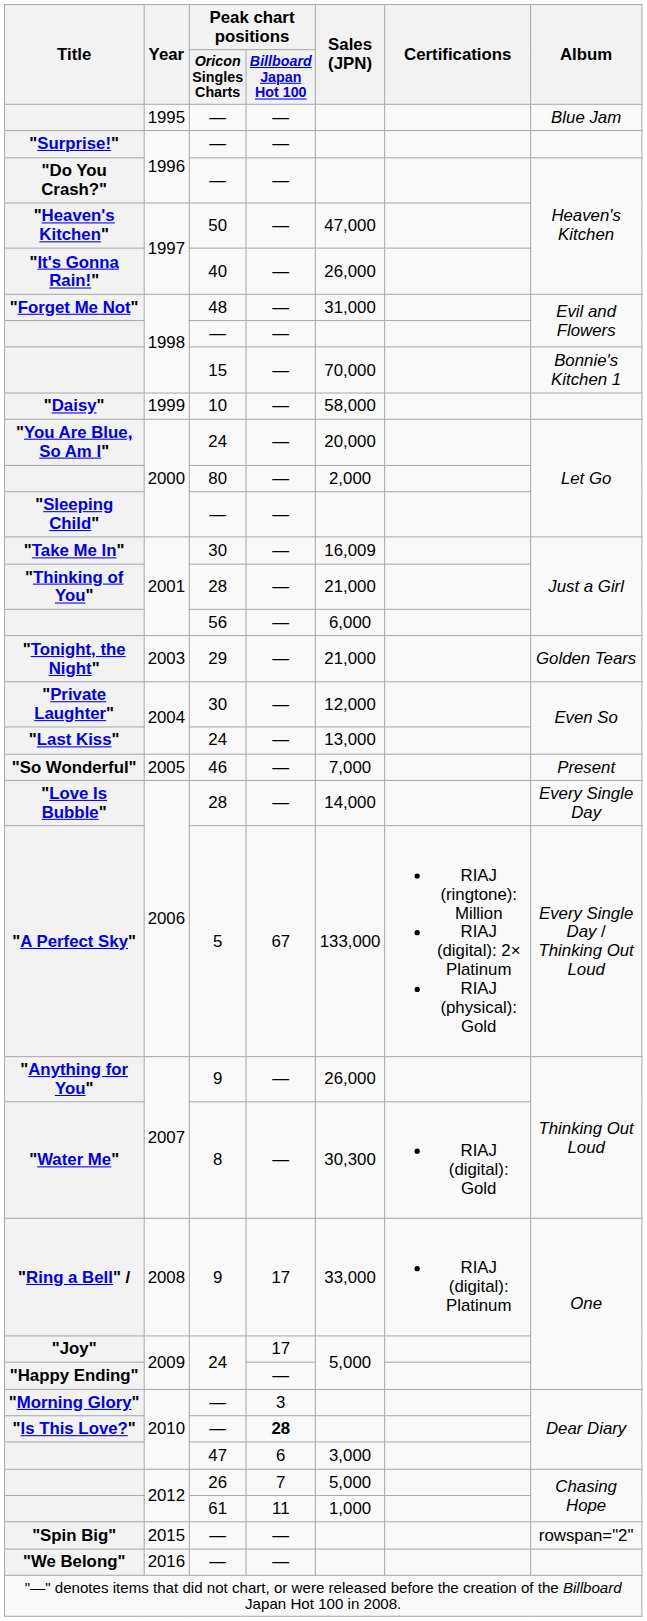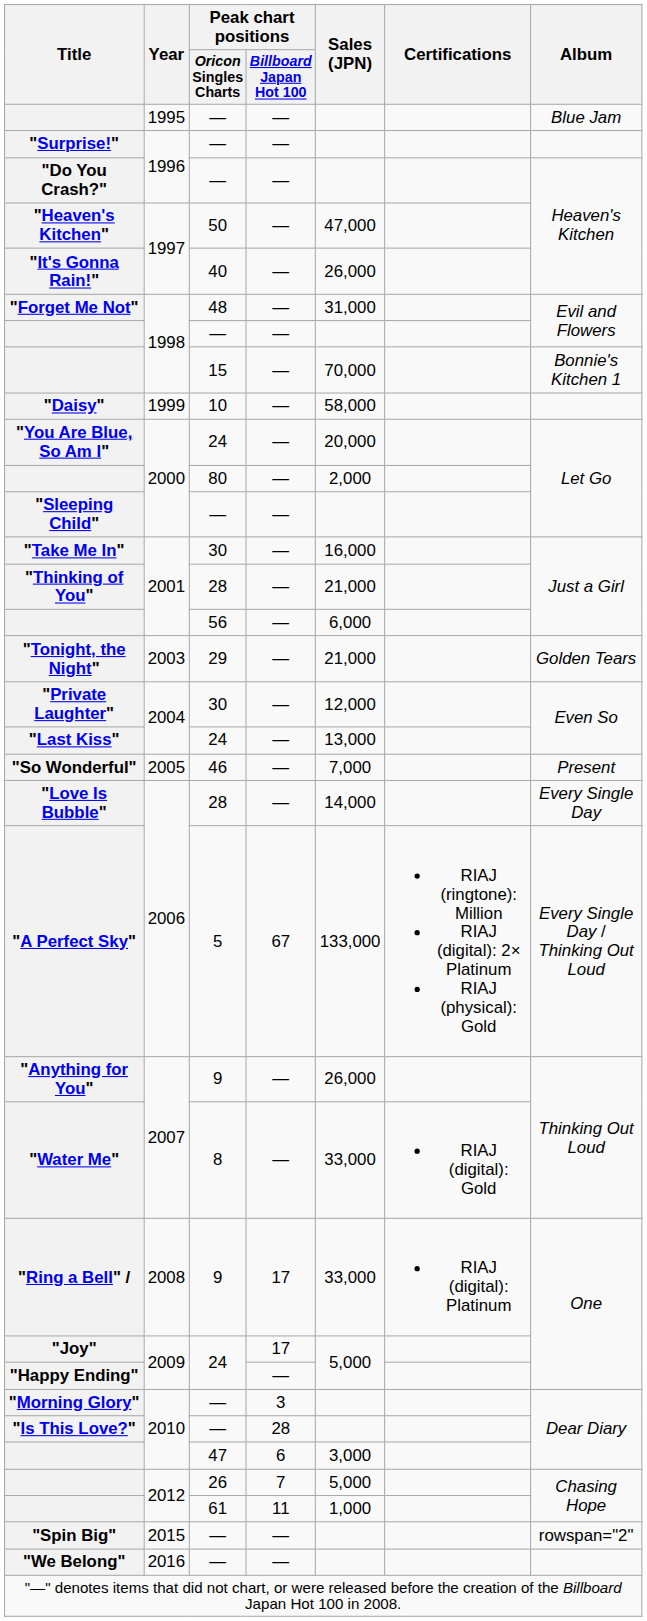 <table class="wikitable plainrowheaders" style="text-align:center;">
 <tr>
 <th scope="col" rowspan="2" style="width:16em;">Title</th>
 <th scope="col" rowspan="2" style="width:2em;">Year</th>
 <th scope="col" colspan="2">Peak chart positions</th>
 <th scope="col" rowspan="2" style="width:4em;">Sales (JPN)</th>
 <th scope="col" rowspan="2" style="width:12em;">Certifications</th>
 <th scope="col" rowspan="2" style="width:8em;">Album</th>
 </tr>
 <tr>
 <th style="width:3em;font-size:85%"><em>Oricon</em> Singles Charts<br></th>
 <th style="width:3em;font-size:85%"><em><a href='#'>Billboard</a></em> <a href='#'>Japan Hot 100</a><br></th>
 </tr>
 <tr>
 <th scope="row"></th>
 <td>1995</td>
 <td>—</td>
 <td>—</td>
 <td></td>
 <td></td>
 <td><em>Blue Jam</em></td>
 </tr>
 <tr>
 <th scope="row">"<a href='#'>Surprise!</a>"</th>
 <td rowspan="2">1996</td>
 <td>—</td>
 <td>—</td>
 <td></td>
 <td></td>
 <td></td>
 </tr>
 <tr>
 <th scope="row">"Do You Crash?"</th>
 <td>—</td>
 <td>—</td>
 <td></td>
 <td></td>
 <td rowspan="3"><em>Heaven's Kitchen</em></td>
 </tr>
 <tr>
 <th scope="row">"<a href='#'>Heaven's Kitchen</a>"</th>
 <td rowspan="2">1997</td>
 <td>50</td>
 <td>—</td>
 <td>47,000</td>
 <td></td>
 </tr>
 <tr>
 <th scope="row">"<a href='#'>It's Gonna Rain!</a>"</th>
 <td>40</td>
 <td>—</td>
 <td>26,000</td>
 <td></td>
 </tr>
 <tr>
 <th scope="row">"<a href='#'>Forget Me Not</a>"</th>
 <td rowspan="3">1998</td>
 <td>48</td>
 <td>—</td>
 <td>31,000</td>
 <td></td>
 <td rowspan="2"><em>Evil and Flowers</em></td>
 </tr>
 <tr>
 <th scope="row"></th>
 <td>—</td>
 <td>—</td>
 <td></td>
 <td></td>
 </tr>
 <tr>
 <th scope="row"></th>
 <td>15</td>
 <td>—</td>
 <td>70,000</td>
 <td></td>
 <td><em>Bonnie's Kitchen 1</em></td>
 </tr>
 <tr>
 <th scope="row">"<a href='#'>Daisy</a>"</th>
 <td>1999</td>
 <td>10</td>
 <td>—</td>
 <td>58,000</td>
 <td></td>
 <td></td>
 </tr>
 <tr>
 <th scope="row">"<a href='#'>You Are Blue, So Am I</a>"</th>
 <td rowspan="3">2000</td>
 <td>24</td>
 <td>—</td>
 <td>20,000</td>
 <td></td>
 <td rowspan="3"><em>Let Go</em></td>
 </tr>
 <tr>
 <th scope="row"></th>
 <td>80</td>
 <td>—</td>
 <td>2,000</td>
 <td></td>
 </tr>
 <tr>
 <th scope="row">"<a href='#'>Sleeping Child</a>"</th>
 <td>—</td>
 <td>—</td>
 <td></td>
 <td></td>
 </tr>
 <tr>
 <th scope="row">"<a href='#'>Take Me In</a>"</th>
 <td rowspan="3">2001</td>
 <td>30</td>
 <td>—</td>
-<td>16,009</td>
+<td>16,000</td>
 <td></td>
 <td rowspan="3"><em>Just a Girl</em></td>
 </tr>
 <tr>
 <th scope="row">"<a href='#'>Thinking of You</a>"</th>
 <td>28</td>
 <td>—</td>
 <td>21,000</td>
 <td></td>
 </tr>
 <tr>
 <th scope="row"></th>
 <td>56</td>
 <td>—</td>
 <td>6,000</td>
 <td></td>
 </tr>
 <tr>
 <th scope="row">"<a href='#'>Tonight, the Night</a>"</th>
 <td>2003</td>
 <td>29</td>
 <td>—</td>
 <td>21,000</td>
 <td></td>
 <td><em>Golden Tears</em></td>
 </tr>
 <tr>
 <th scope="row">"<a href='#'>Private Laughter</a>"</th>
 <td rowspan="2">2004</td>
 <td>30</td>
 <td>—</td>
 <td>12,000</td>
 <td></td>
 <td rowspan="2"><em>Even So</em></td>
 </tr>
 <tr>
 <th scope="row">"<a href='#'>Last Kiss</a>"</th>
 <td>24</td>
 <td>—</td>
 <td>13,000</td>
 <td></td>
 </tr>
 <tr>
 <th scope="row">"So Wonderful"</th>
 <td>2005</td>
 <td>46</td>
 <td>—</td>
 <td>7,000</td>
 <td></td>
 <td><em>Present</em></td>
 </tr>
 <tr>
 <th scope="row">"<a href='#'>Love Is Bubble</a>"</th>
 <td rowspan="2">2006</td>
 <td>28</td>
 <td>—</td>
 <td>14,000</td>
 <td></td>
 <td><em>Every Single Day</em></td>
 </tr>
 <tr>
 <th scope="row">"<a href='#'>A Perfect Sky</a>"</th>
 <td>5</td>
 <td>67</td>
 <td>133,000</td>
 <td><br><ul><li>RIAJ <span>(ringtone)</span>: Million</li><li>RIAJ <span>(digital)</span>: 2× Platinum</li><li>RIAJ <span>(physical)</span>: Gold</li></ul></td>
 <td><em>Every Single Day</em> / <em>Thinking Out Loud</em></td>
 </tr>
 <tr>
 <th scope="row">"<a href='#'>Anything for You</a>"</th>
 <td rowspan="2">2007</td>
 <td>9</td>
 <td>—</td>
 <td>26,000</td>
 <td></td>
 <td rowspan="2"><em>Thinking Out Loud</em></td>
 </tr>
 <tr>
 <th scope="row">"<a href='#'>Water Me</a>"</th>
 <td>8</td>
 <td>—</td>
-<td>30,300</td>
+<td>33,000</td>
 <td><br><ul><li>RIAJ <span>(digital)</span>: Gold</li></ul></td>
 </tr>
 <tr>
 <th scope="row">"<a href='#'>Ring a Bell</a>" / </th>
 <td>2008</td>
 <td>9</td>
 <td>17</td>
 <td>33,000</td>
 <td><br><ul><li>RIAJ <span>(digital)</span>: Platinum</li></ul></td>
 <td rowspan="3"><em>One</em></td>
 </tr>
 <tr>
 <th scope="row">"Joy"</th>
 <td rowspan=2>2009</td>
 <td rowspan=2>24</td>
 <td>17</td>
 <td rowspan=2>5,000</td>
 <td></td>
 </tr>
 <tr>
 <th scope="row">"Happy Ending"</th>
 <td>—</td>
 <td></td>
 </tr>
 <tr>
 <th scope="row">"<a href='#'>Morning Glory</a>"</th>
 <td rowspan="3">2010</td>
 <td>—</td>
 <td>3</td>
 <td></td>
 <td></td>
 <td rowspan="3"><em>Dear Diary</em></td>
 </tr>
 <tr>
 <th scope="row">"<a href='#'>Is This Love?</a>"</th>
 <td>—</td>
-<td><strong>28</strong></td>
+<td>28</td>
 <td></td>
 <td></td>
 </tr>
 <tr>
 <th scope="row"></th>
 <td>47</td>
 <td>6</td>
 <td>3,000</td>
 <td></td>
 </tr>
 <tr>
 <th scope="row"></th>
 <td rowspan="2">2012</td>
 <td>26</td>
 <td>7</td>
 <td>5,000</td>
 <td></td>
 <td rowspan="2"><em>Chasing Hope</em></td>
 </tr>
 <tr>
 <th scope="row"></th>
 <td>61</td>
 <td>11</td>
 <td>1,000</td>
 <td></td>
 </tr>
 <tr>
 <th scope="row">"Spin Big"</th>
 <td>2015</td>
 <td>—</td>
 <td>—</td>
 <td></td>
 <td></td>
 <td>rowspan="2" </td>
 </tr>
 <tr>
 <th scope="row">"We Belong"</th>
 <td>2016</td>
 <td>—</td>
 <td>—</td>
 <td></td>
 <td></td>
 </tr>
 <tr>
 <td colspan="12" align="center" style="font-size:90%;">"—" denotes items that did not chart, or were released before the creation of the <em>Billboard</em> Japan Hot 100 in 2008.</td>
 </tr>
 </table>
